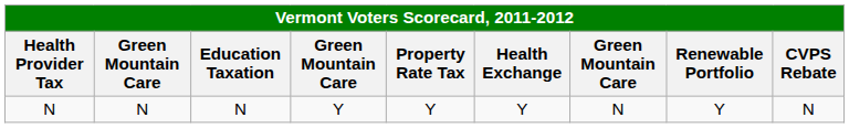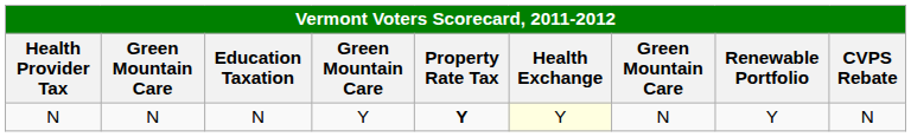 <table class="wikitable sortable" style="text-align: center; width:800px;">
 <tr>
 <th colspan="12" style="background-color:#008000; color: white;">Vermont Voters Scorecard, 2011-2012</th>
 </tr>
 <tr>
 <th>Health Provider Tax</th>
 <th>Green Mountain Care</th>
 <th>Education Taxation</th>
 <th>Green Mountain Care</th>
 <th>Property Rate Tax</th>
 <th>Health Exchange</th>
 <th>Green Mountain Care</th>
 <th>Renewable Portfolio</th>
 <th>CVPS Rebate</th>
 </tr>
 <tr>
 <td>N</td>
 <td>N</td>
 <td>N</td>
 <td>Y</td>
-<td>Y</td>
-<td>Y</td>
+<td><strong>Y</strong></td>
+<td style="background: lightyellow;">Y</td>
 <td>N</td>
 <td>Y</td>
 <td>N</td>
 </tr>
 </table>
